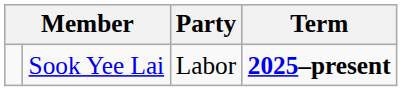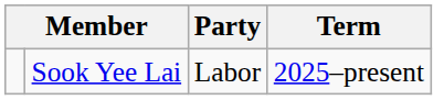 <table class="wikitable">
 <tr>
 <th colspan="2">Member</th>
 <th>Party</th>
 <th>Term</th>
 </tr>
 <tr>
 <td> </td>
 <td><a href='#'>Sook Yee Lai</a></td>
 <td>Labor</td>
-<td><strong><a href='#'>2025</a>–present</strong></td>
+<td><a href='#'>2025</a>–present</td>
 </tr>
 </table>
